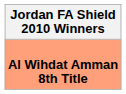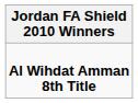 <table class="wikitable" style="text-align: center; margin: 0 auto;">
 <tr>
 <th>Jordan FA Shield  <br>2010 Winners</th>
 </tr>
 <tr>
-<td style="background: lightsalmon;"><br><strong>Al Wihdat Amman</strong><br><strong>8th Title</strong> <br></td>
+<td><br><strong>Al Wihdat Amman</strong><br><strong>8th Title</strong> <br></td>
 </tr>
 </table>
